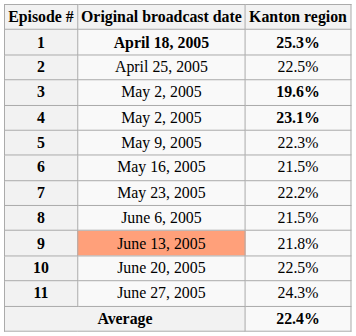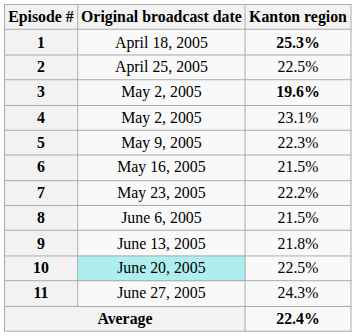 <table class=wikitable style="text-align:center">
 <tr>
 <th>Episode #</th>
 <th>Original broadcast date</th>
 <th>Kanton region</th>
 </tr>
 <tr>
 <th>1</th>
-<td><strong>April 18, 2005</strong></td>
+<td>April 18, 2005</td>
 <td><span><strong>25.3% </strong></span></td>
 </tr>
 <tr>
 <th>2</th>
 <td>April 25, 2005</td>
 <td>22.5%</td>
 </tr>
 <tr>
 <th>3</th>
 <td>May 2, 2005</td>
 <td><span><strong>19.6% </strong></span></td>
 </tr>
 <tr>
 <th>4</th>
 <td>May 2, 2005</td>
-<td><strong>23.1%</strong></td>
+<td>23.1%</td>
 </tr>
 <tr>
 <th>5</th>
 <td>May 9, 2005</td>
 <td>22.3%</td>
 </tr>
 <tr>
 <th>6</th>
 <td>May 16, 2005</td>
 <td>21.5%</td>
 </tr>
 <tr>
 <th>7</th>
 <td>May 23, 2005</td>
 <td>22.2%</td>
 </tr>
 <tr>
 <th>8</th>
 <td>June 6, 2005</td>
 <td>21.5%</td>
 </tr>
 <tr>
 <th>9</th>
-<td style="background: lightsalmon;">June 13, 2005</td>
+<td>June 13, 2005</td>
 <td>21.8%</td>
 </tr>
 <tr>
 <th>10</th>
-<td>June 20, 2005</td>
+<td style="background: paleturquoise;">June 20, 2005</td>
 <td>22.5%</td>
 </tr>
 <tr>
 <th>11</th>
 <td>June 27, 2005</td>
 <td>24.3%</td>
 </tr>
 <tr>
 <th colspan="2">Average</th>
 <td><span> <strong>22.4%</strong></span></td>
 </tr>
 </table>
